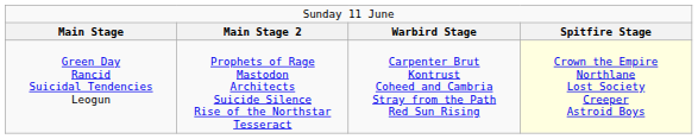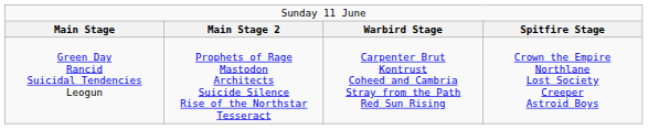 <table class="wikitable">
 <tr>
 <td colspan="4" style="text-align:center;">Sunday 11 June</td>
 </tr>
 <tr>
 <th>Main Stage</th>
 <th>Main Stage 2</th>
 <th>Warbird Stage</th>
 <th>Spitfire Stage</th>
 </tr>
 <tr>
 <td style="text-align:center; vertical-align:top; width:200px;"><br><a href='#'>Green Day</a><br> <a href='#'>Rancid</a><br> <a href='#'>Suicidal Tendencies</a><br> Leogun<br></td>
 <td style="text-align:center; vertical-align:top; width:200px;"><br><a href='#'>Prophets of Rage</a><br> <a href='#'>Mastodon</a><br> <a href='#'>Architects</a><br> <a href='#'>Suicide Silence</a><br> <a href='#'>Rise of the Northstar</a><br> <a href='#'>Tesseract</a><br></td>
 <td style="text-align:center; vertical-align:top; width:200px;"><br><a href='#'>Carpenter Brut</a><br> <a href='#'>Kontrust</a><br> <a href='#'>Coheed and Cambria</a><br> <a href='#'>Stray from the Path</a><br> <a href='#'>Red Sun Rising</a><br></td>
-<td style="background: lightyellow; text-align:center; vertical-align:top; width:200px;"><br><a href='#'>Crown the Empire</a><br> <a href='#'>Northlane</a><br> <a href='#'>Lost Society</a><br> <a href='#'>Creeper</a><br> <a href='#'>Astroid Boys</a><br></td>
+<td style="text-align:center; vertical-align:top; width:200px;"><br><a href='#'>Crown the Empire</a><br> <a href='#'>Northlane</a><br> <a href='#'>Lost Society</a><br> <a href='#'>Creeper</a><br> <a href='#'>Astroid Boys</a><br></td>
 </tr>
 </table>
